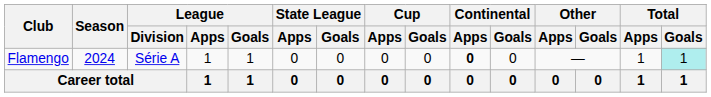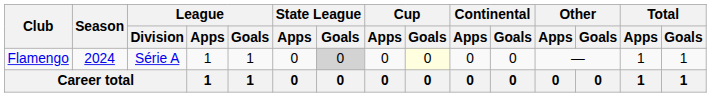 <table class="wikitable" style="text-align: center">
 <tr>
 <th rowspan="2">Club</th>
 <th rowspan="2">Season</th>
 <th colspan="3">League</th>
 <th colspan="2">State League</th>
 <th colspan="2">Cup</th>
 <th colspan="2">Continental</th>
 <th colspan="2">Other</th>
 <th colspan="2">Total</th>
 </tr>
 <tr>
 <th>Division</th>
 <th>Apps</th>
 <th>Goals</th>
 <th>Apps</th>
 <th>Goals</th>
 <th>Apps</th>
 <th>Goals</th>
 <th>Apps</th>
 <th>Goals</th>
 <th>Apps</th>
 <th>Goals</th>
 <th>Apps</th>
 <th>Goals</th>
 </tr>
 <tr>
 <td><a href='#'>Flamengo</a></td>
 <td><a href='#'>2024</a></td>
 <td><a href='#'>Série A</a></td>
 <td>1</td>
 <td>1</td>
 <td>0</td>
+<td style="background: lightgrey;">0</td>
 <td>0</td>
+<td style="background: lightyellow;">0</td>
 <td>0</td>
-<td>0</td>
-<td><strong>0</strong></td>
 <td>0</td>
 <td colspan="2">—</td>
 <td>1</td>
-<td style="background: paleturquoise;">1</td>
+<td>1</td>
 </tr>
 <tr>
 <th colspan="3">Career total</th>
 <th>1</th>
 <th>1</th>
 <th>0</th>
 <th>0</th>
 <th>0</th>
 <th>0</th>
 <th>0</th>
 <th>0</th>
 <th>0</th>
 <th>0</th>
 <th>1</th>
 <th>1</th>
 </tr>
 </table>
